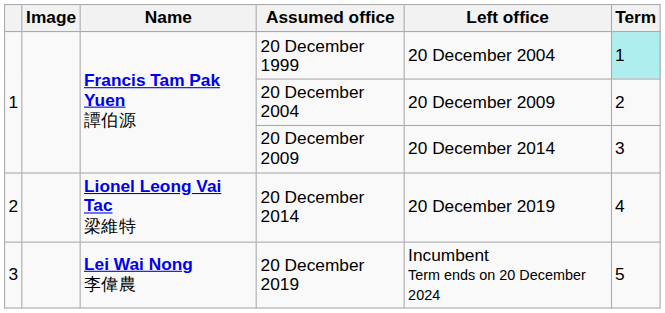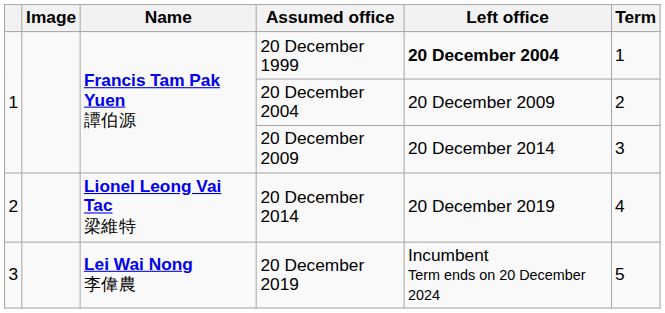 <table class="wikitable">
 <tr>
 <th></th>
 <th>Image</th>
 <th>Name</th>
 <th>Assumed office</th>
 <th>Left office</th>
 <th>Term</th>
 </tr>
 <tr>
 <td rowspan=3>1</td>
 <td rowspan=3></td>
 <td rowspan=3><strong><a href='#'>Francis Tam Pak Yuen</a></strong><br><span>譚伯源</span></td>
 <td>20 December 1999</td>
-<td>20 December 2004</td>
-<td style="background: paleturquoise;">1</td>
+<td><strong>20 December 2004</strong></td>
+<td>1</td>
 </tr>
 <tr>
 <td>20 December 2004</td>
 <td>20 December 2009</td>
 <td>2</td>
 </tr>
 <tr>
 <td>20 December 2009</td>
 <td>20 December 2014</td>
 <td>3</td>
 </tr>
 <tr>
 <td>2</td>
 <td></td>
 <td><strong><a href='#'>Lionel Leong Vai Tac</a></strong><br><span>梁維特</span></td>
 <td>20 December 2014</td>
 <td>20 December 2019</td>
 <td>4</td>
 </tr>
 <tr>
 <td>3</td>
 <td></td>
 <td><strong><a href='#'>Lei Wai Nong</a></strong><br><span>李偉農</span></td>
 <td>20 December 2019</td>
 <td>Incumbent<br><small>Term ends on 20 December 2024</small></td>
 <td>5</td>
 </tr>
 </table>
